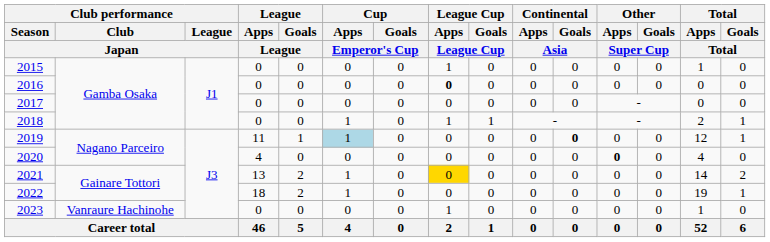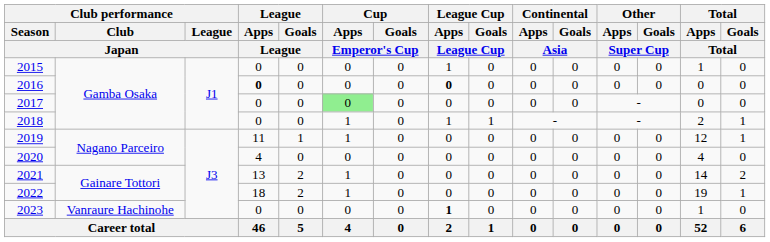 <table class="wikitable" style="text-align:center; line-height:90%; font-size:95%; width:70%;">
 <tr>
 <th colspan=3>Club performance</th>
 <th colspan=2>League</th>
 <th colspan=2>Cup</th>
 <th colspan=2>League Cup</th>
 <th colspan=2>Continental</th>
 <th colspan=2>Other</th>
 <th colspan=2>Total</th>
 </tr>
 <tr>
 <th>Season</th>
 <th>Club</th>
 <th>League</th>
 <th>Apps</th>
 <th>Goals</th>
 <th>Apps</th>
 <th>Goals</th>
 <th>Apps</th>
 <th>Goals</th>
 <th>Apps</th>
 <th>Goals</th>
 <th>Apps</th>
 <th>Goals</th>
 <th>Apps</th>
 <th>Goals</th>
 </tr>
 <tr>
 <th colspan=3>Japan</th>
 <th colspan=2>League</th>
 <th colspan=2><a href='#'>Emperor's Cup</a></th>
 <th colspan=2><a href='#'>League Cup</a></th>
 <th colspan=2><a href='#'>Asia</a></th>
 <th colspan=2><a href='#'>Super Cup</a></th>
 <th colspan=2>Total</th>
 </tr>
 <tr>
 <td><a href='#'>2015</a></td>
 <td rowspan="4"><a href='#'>Gamba Osaka</a></td>
 <td rowspan="4"><a href='#'>J1</a></td>
 <td>0</td>
 <td>0</td>
 <td>0</td>
 <td>0</td>
 <td>1</td>
 <td>0</td>
 <td>0</td>
 <td>0</td>
 <td>0</td>
 <td>0</td>
 <td>1</td>
 <td>0</td>
 </tr>
 <tr>
 <td><a href='#'>2016</a></td>
-<td>0</td>
+<td><strong>0</strong></td>
 <td>0</td>
 <td>0</td>
 <td>0</td>
 <td><strong>0</strong></td>
 <td>0</td>
 <td>0</td>
 <td>0</td>
 <td>0</td>
 <td>0</td>
 <td>0</td>
 <td>0</td>
 </tr>
 <tr>
 <td><a href='#'>2017</a></td>
 <td>0</td>
 <td>0</td>
-<td>0</td>
+<td style="background: lightgreen;">0</td>
 <td>0</td>
 <td>0</td>
 <td>0</td>
 <td>0</td>
 <td>0</td>
 <td colspan="2">-</td>
 <td>0</td>
 <td>0</td>
 </tr>
 <tr>
 <td><a href='#'>2018</a></td>
 <td>0</td>
 <td>0</td>
 <td>1</td>
 <td>0</td>
 <td>1</td>
 <td>1</td>
 <td colspan="2">-</td>
 <td colspan="2">-</td>
 <td>2</td>
 <td>1</td>
 </tr>
 <tr>
 <td><a href='#'>2019</a></td>
 <td rowspan="2"><a href='#'>Nagano Parceiro</a></td>
 <td rowspan="5"><a href='#'>J3</a></td>
 <td>11</td>
 <td>1</td>
-<td style="background: lightblue;">1</td>
+<td>1</td>
 <td>0</td>
 <td>0</td>
 <td>0</td>
 <td>0</td>
-<td><strong>0</strong></td>
+<td>0</td>
 <td>0</td>
 <td>0</td>
 <td>12</td>
 <td>1</td>
 </tr>
 <tr>
 <td><a href='#'>2020</a></td>
 <td>4</td>
 <td>0</td>
 <td>0</td>
 <td>0</td>
 <td>0</td>
 <td>0</td>
 <td>0</td>
 <td>0</td>
-<td><strong>0</strong></td>
+<td>0</td>
 <td>0</td>
 <td>4</td>
 <td>0</td>
 </tr>
 <tr>
 <td><a href='#'>2021</a></td>
 <td rowspan="2"><a href='#'>Gainare Tottori</a></td>
 <td>13</td>
 <td>2</td>
 <td>1</td>
 <td>0</td>
-<td style="background: gold;">0</td>
+<td>0</td>
 <td>0</td>
 <td>0</td>
 <td>0</td>
 <td>0</td>
 <td>0</td>
 <td>14</td>
 <td>2</td>
 </tr>
 <tr>
 <td><a href='#'>2022</a></td>
 <td>18</td>
 <td>2</td>
 <td>1</td>
 <td>0</td>
 <td>0</td>
 <td>0</td>
 <td>0</td>
 <td>0</td>
 <td>0</td>
 <td>0</td>
 <td>19</td>
 <td>1</td>
 </tr>
 <tr>
 <td><a href='#'>2023</a></td>
 <td><a href='#'>Vanraure Hachinohe</a></td>
 <td>0</td>
 <td>0</td>
 <td>0</td>
 <td>0</td>
-<td>1</td>
+<td><strong>1</strong></td>
 <td>0</td>
 <td>0</td>
 <td>0</td>
 <td>0</td>
 <td>0</td>
 <td>1</td>
 <td>0</td>
 </tr>
 <tr>
 <th colspan=3>Career total</th>
 <th>46</th>
 <th>5</th>
 <th>4</th>
 <th>0</th>
 <th>2</th>
 <th>1</th>
 <th>0</th>
 <th>0</th>
 <th>0</th>
 <th>0</th>
 <th>52</th>
 <th>6</th>
 </tr>
 </table>
